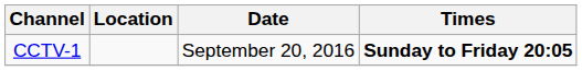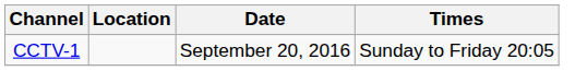 <table class="wikitable" style="text-align:center;">
 <tr>
 <th>Channel</th>
 <th>Location</th>
 <th>Date</th>
 <th>Times</th>
 </tr>
 <tr>
 <td><a href='#'>CCTV-1</a></td>
 <td></td>
 <td>September 20, 2016</td>
-<td><strong>Sunday to Friday 20:05</strong></td>
+<td>Sunday to Friday 20:05</td>
 </tr>
 <tr>
 </tr>
 </table>
